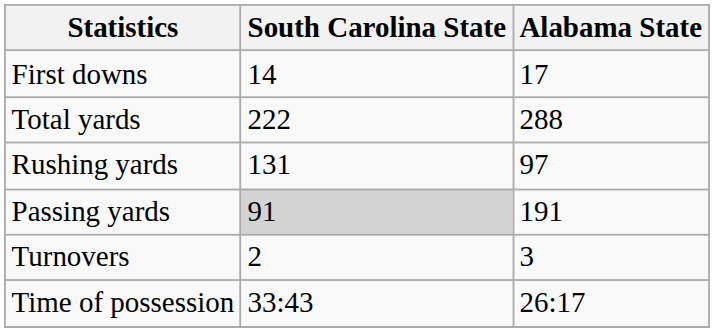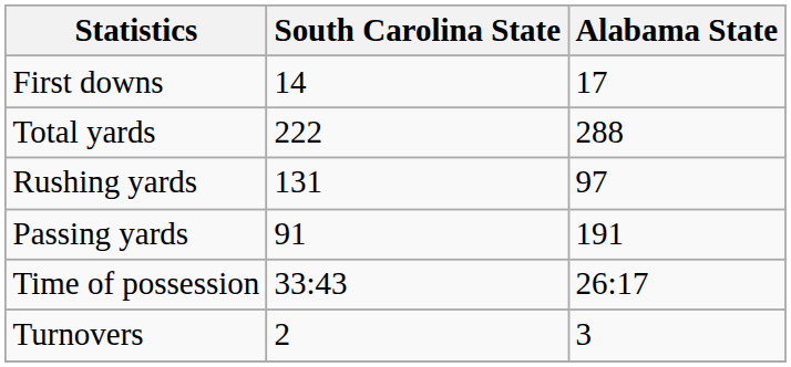 <table class="wikitable">
 <tr>
 <th>Statistics</th>
 <th>South Carolina State</th>
 <th>Alabama State</th>
 </tr>
 <tr>
 <td>First downs</td>
 <td>14</td>
 <td>17</td>
 </tr>
 <tr>
 <td>Total yards</td>
 <td>222</td>
 <td>288</td>
 </tr>
 <tr>
 <td>Rushing yards</td>
 <td>131</td>
 <td>97</td>
 </tr>
 <tr>
 <td>Passing yards</td>
-<td style="background: lightgrey;">91</td>
+<td>91</td>
 <td>191</td>
+</tr>
+<tr>
+<td>Time of possession</td>
+<td>33:43</td>
+<td>26:17</td>
 </tr>
 <tr>
 <td>Turnovers</td>
 <td>2</td>
 <td>3</td>
 </tr>
 <tr>
-<td>Time of possession</td>
-<td>33:43</td>
-<td>26:17</td>
-</tr>
-<tr>
 </tr>
 </table>
